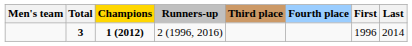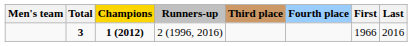 <table class="wikitable" style="text-align: center; font-size: 90%; margin-left: 1em;">
 <tr>
 <th>Men's team</th>
 <th>Total</th>
 <th style="background-color: gold;">Champions</th>
 <th style="background-color: silver;">Runners-up</th>
 <th style="background-color: #cc9966;">Third place</th>
 <th style="background-color: #9acdff;">Fourth place</th>
 <th>First</th>
 <th>Last</th>
 </tr>
 <tr>
 <td style="text-align: left;"></td>
 <td><strong>3</strong></td>
 <td><strong>1 (2012)</strong></td>
 <td>2 (1996, 2016)</td>
 <td></td>
 <td></td>
-<td>1996</td>
-<td>2014</td>
+<td>1966</td>
+<td>2016</td>
 </tr>
 </table>
